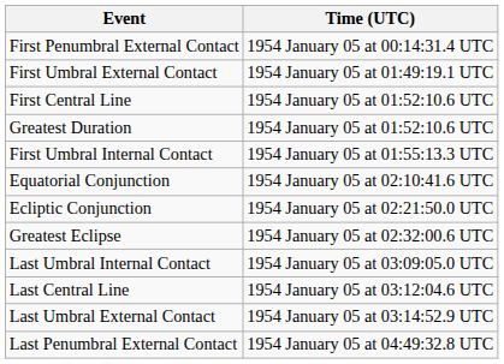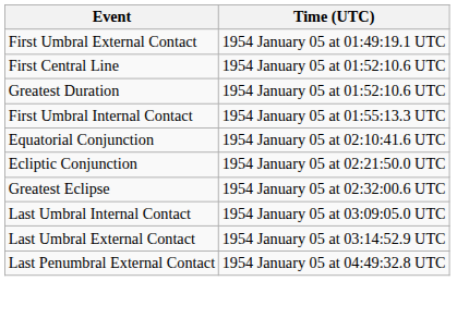 <table class="wikitable">
 <tr>
 <th>Event</th>
 <th>Time (UTC)</th>
-</tr>
-<tr>
-<td>First Penumbral External Contact</td>
-<td>1954 January 05 at 00:14:31.4 UTC</td>
 </tr>
 <tr>
 <td>First Umbral External Contact</td>
 <td>1954 January 05 at 01:49:19.1 UTC</td>
 </tr>
 <tr>
 <td>First Central Line</td>
 <td>1954 January 05 at 01:52:10.6 UTC</td>
 </tr>
 <tr>
 <td>Greatest Duration</td>
 <td>1954 January 05 at 01:52:10.6 UTC</td>
 </tr>
 <tr>
 <td>First Umbral Internal Contact</td>
 <td>1954 January 05 at 01:55:13.3 UTC</td>
 </tr>
 <tr>
 <td>Equatorial Conjunction</td>
 <td>1954 January 05 at 02:10:41.6 UTC</td>
 </tr>
 <tr>
 <td>Ecliptic Conjunction</td>
 <td>1954 January 05 at 02:21:50.0 UTC</td>
 </tr>
 <tr>
 <td>Greatest Eclipse</td>
 <td>1954 January 05 at 02:32:00.6 UTC</td>
 </tr>
 <tr>
 <td>Last Umbral Internal Contact</td>
 <td>1954 January 05 at 03:09:05.0 UTC</td>
 </tr>
 <tr>
-<td>Last Central Line</td>
-<td>1954 January 05 at 03:12:04.6 UTC</td>
-</tr>
-<tr>
 <td>Last Umbral External Contact</td>
 <td>1954 January 05 at 03:14:52.9 UTC</td>
 </tr>
 <tr>
 <td>Last Penumbral External Contact</td>
 <td>1954 January 05 at 04:49:32.8 UTC</td>
 </tr>
 </table>
